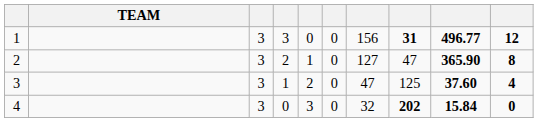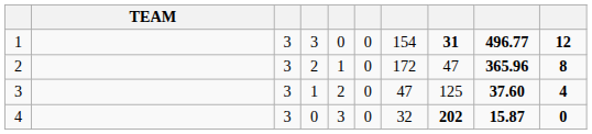 <table class="wikitable" style="text-align: center;">
 <tr>
 <th width=20></th>
 <th width=240>TEAM</th>
 <th width=20></th>
 <th width=20></th>
 <th width=20></th>
 <th width=20></th>
 <th width=40></th>
 <th width=40></th>
 <th width=60></th>
 <th width=40></th>
 </tr>
 <tr>
 <td>1</td>
 <td align="left"></td>
 <td>3</td>
 <td>3</td>
 <td>0</td>
 <td>0</td>
-<td>156</td>
+<td>154</td>
 <td><strong>31</strong></td>
 <td><strong>496.77</strong></td>
 <td><strong>12</strong></td>
 </tr>
 <tr>
 <td>2</td>
 <td align="left"></td>
 <td>3</td>
 <td>2</td>
 <td>1</td>
 <td>0</td>
-<td>127</td>
+<td>172</td>
 <td>47</td>
-<td><strong>365.90</strong></td>
+<td><strong>365.96</strong></td>
 <td><strong>8</strong></td>
 </tr>
 <tr>
 <td>3</td>
 <td align="left"></td>
 <td>3</td>
 <td>1</td>
 <td>2</td>
 <td>0</td>
 <td>47</td>
 <td>125</td>
 <td><strong>37.60</strong></td>
 <td><strong>4</strong></td>
 </tr>
 <tr>
 <td>4</td>
 <td align="left"></td>
 <td>3</td>
 <td>0</td>
 <td>3</td>
 <td>0</td>
 <td>32</td>
 <td><strong>202</strong></td>
-<td><strong>15.84</strong></td>
+<td><strong>15.87</strong></td>
 <td><strong>0</strong></td>
 </tr>
 </table>
